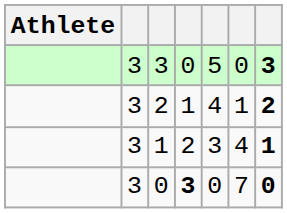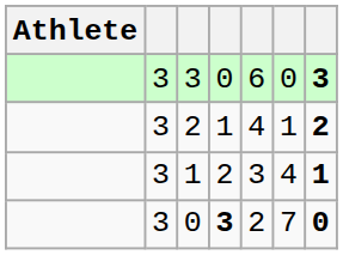 <table class=wikitable style="text-align:center">
 <tr>
 <th>Athlete</th>
 <th></th>
 <th></th>
 <th></th>
 <th></th>
 <th></th>
 <th></th>
 </tr>
 <tr bgcolor=ccffcc>
 <td style="text-align:left"></td>
 <td>3</td>
 <td>3</td>
 <td>0</td>
-<td>5</td>
+<td>6</td>
 <td>0</td>
 <td><strong>3</strong></td>
 </tr>
 <tr>
 <td style="text-align:left"></td>
 <td>3</td>
 <td>2</td>
 <td>1</td>
 <td>4</td>
 <td>1</td>
 <td><strong>2</strong></td>
 </tr>
 <tr>
 <td style="text-align:left"></td>
 <td>3</td>
 <td>1</td>
 <td>2</td>
 <td>3</td>
 <td>4</td>
 <td><strong>1</strong></td>
 </tr>
 <tr>
 <td style="text-align:left"></td>
 <td>3</td>
 <td>0</td>
 <td><strong>3</strong></td>
-<td>0</td>
+<td>2</td>
 <td>7</td>
 <td><strong>0</strong></td>
 </tr>
 </table>
